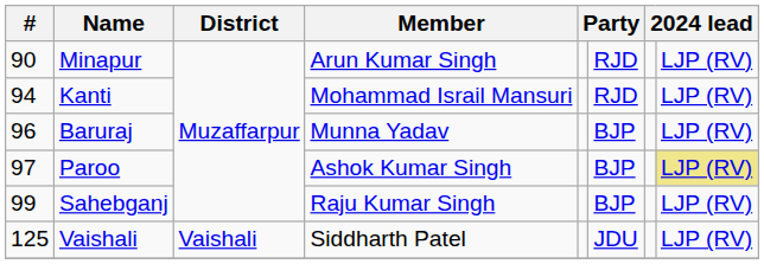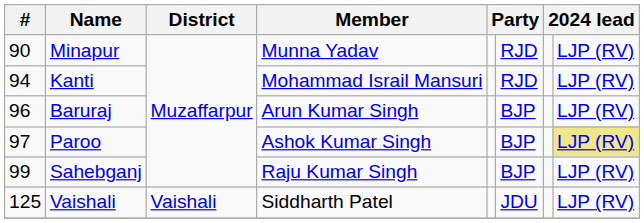 <table class="wikitable">
 <tr>
 <th>#</th>
 <th>Name</th>
 <th>District</th>
 <th>Member</th>
 <th colspan="2">Party</th>
 <th colspan="2">2024 lead</th>
 </tr>
 <tr>
 <td>90</td>
 <td><a href='#'>Minapur</a></td>
 <td rowspan="5"><a href='#'>Muzaffarpur</a></td>
-<td><a href='#'>Arun Kumar Singh</a></td>
+<td><a href='#'>Munna Yadav</a></td>
 <td style="background-color: "></td>
 <td><a href='#'>RJD</a></td>
 <td style="background-color: "></td>
 <td><a href='#'>LJP (RV)</a></td>
 </tr>
 <tr>
 <td>94</td>
 <td><a href='#'>Kanti</a></td>
 <td><a href='#'>Mohammad Israil Mansuri</a></td>
 <td style="background-color: "></td>
 <td><a href='#'>RJD</a></td>
 <td style="background-color: "></td>
 <td><a href='#'>LJP (RV)</a></td>
 </tr>
 <tr>
 <td>96</td>
 <td><a href='#'>Baruraj</a></td>
-<td><a href='#'>Munna Yadav</a></td>
+<td><a href='#'>Arun Kumar Singh</a></td>
 <td style="background-color: "></td>
 <td><a href='#'>BJP</a></td>
 <td style="background-color: "></td>
 <td><a href='#'>LJP (RV)</a></td>
 </tr>
 <tr>
 <td>97</td>
 <td><a href='#'>Paroo</a></td>
 <td><a href='#'>Ashok Kumar Singh</a></td>
 <td style="background-color: "></td>
 <td><a href='#'>BJP</a></td>
 <td style="background-color: "></td>
 <td style="background: khaki;"><a href='#'>LJP (RV)</a></td>
 </tr>
 <tr>
 <td>99</td>
 <td><a href='#'>Sahebganj</a></td>
 <td><a href='#'>Raju Kumar Singh</a></td>
 <td style="background-color: "></td>
 <td><a href='#'>BJP</a></td>
 <td style="background-color: "></td>
 <td><a href='#'>LJP (RV)</a></td>
 </tr>
 <tr>
 <td>125</td>
 <td><a href='#'>Vaishali</a></td>
 <td><a href='#'>Vaishali</a></td>
 <td>Siddharth Patel</td>
 <td style="background-color: "></td>
 <td><a href='#'>JDU</a></td>
 <td style="background-color: "></td>
 <td><a href='#'>LJP (RV)</a></td>
 </tr>
 <tr>
 </tr>
 </table>
